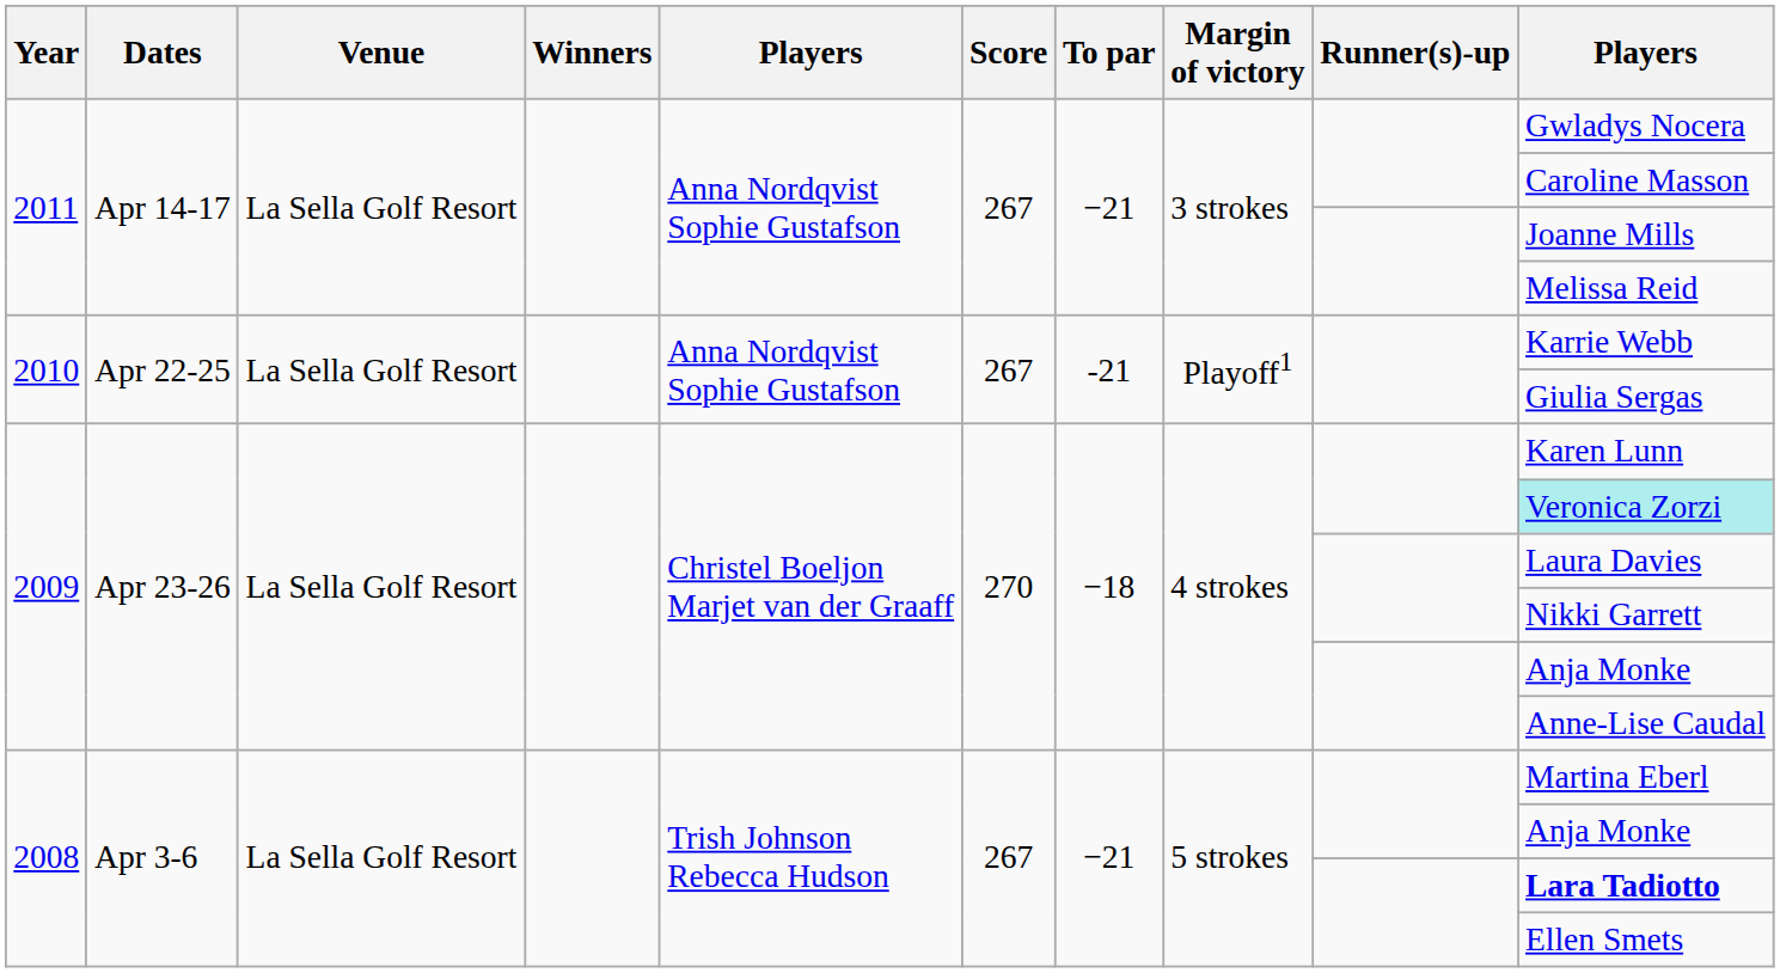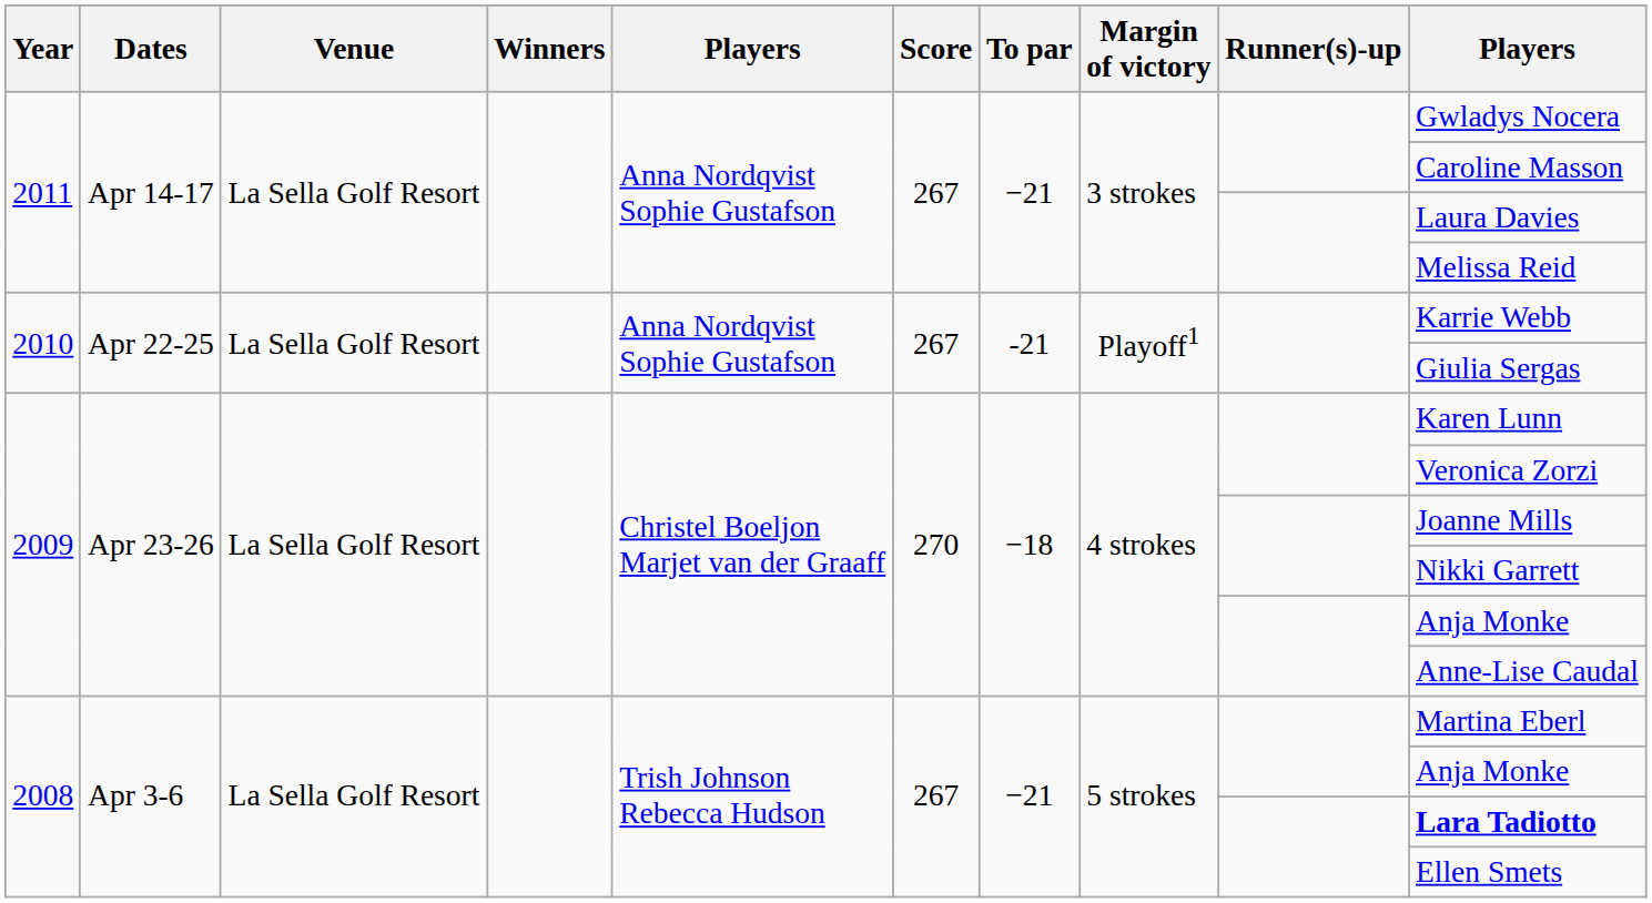 <table class=wikitable style="font-size:95%">
 <tr>
 <th>Year</th>
 <th>Dates</th>
 <th>Venue</th>
 <th>Winners</th>
 <th>Players</th>
 <th>Score</th>
 <th>To par</th>
 <th>Margin<br>of victory</th>
 <th>Runner(s)-up</th>
 <th>Players</th>
 </tr>
 <tr>
 <td rowspan=4><a href='#'>2011</a></td>
 <td rowspan=4>Apr 14-17</td>
 <td rowspan=4>La Sella Golf Resort</td>
 <td rowspan=4></td>
 <td rowspan=4><a href='#'>Anna Nordqvist</a><br><a href='#'>Sophie Gustafson</a></td>
 <td rowspan=4 align=center>267</td>
 <td rowspan=4 align=center>−21</td>
 <td rowspan=4>3 strokes</td>
 <td rowspan=2></td>
 <td><a href='#'>Gwladys Nocera</a></td>
 </tr>
 <tr>
 <td><a href='#'>Caroline Masson</a></td>
 </tr>
 <tr>
 <td rowspan=2></td>
-<td><a href='#'>Joanne Mills</a></td>
+<td rowspan=1><a href='#'>Laura Davies</a></td>
 </tr>
 <tr>
 <td><a href='#'>Melissa Reid</a></td>
 </tr>
 <tr>
 <td rowspan=2><a href='#'>2010</a></td>
 <td rowspan=2>Apr 22-25</td>
 <td rowspan=2>La Sella Golf Resort</td>
 <td rowspan=2></td>
 <td rowspan=2><a href='#'>Anna Nordqvist</a><br><a href='#'>Sophie Gustafson</a></td>
 <td rowspan=2 align=center>267</td>
 <td rowspan=2 align=center>-21</td>
 <td rowspan=2 align=center>Playoff<sup>1</sup></td>
 <td rowspan=2></td>
 <td><a href='#'>Karrie Webb</a></td>
 </tr>
 <tr>
 <td><a href='#'>Giulia Sergas</a></td>
 </tr>
 <tr>
 <td rowspan=6><a href='#'>2009</a></td>
 <td rowspan=6>Apr 23-26</td>
 <td rowspan=6>La Sella Golf Resort</td>
 <td rowspan=6></td>
 <td rowspan=6><a href='#'>Christel Boeljon</a><br><a href='#'>Marjet van der Graaff</a></td>
 <td rowspan=6 align=center>270</td>
 <td rowspan=6 align=center>−18</td>
 <td rowspan=6>4 strokes</td>
 <td rowspan=2></td>
 <td><a href='#'>Karen Lunn</a></td>
 </tr>
 <tr>
-<td style="background: paleturquoise;"><a href='#'>Veronica Zorzi</a></td>
+<td><a href='#'>Veronica Zorzi</a></td>
 </tr>
 <tr>
 <td rowspan=2></td>
-<td rowspan=1><a href='#'>Laura Davies</a></td>
+<td><a href='#'>Joanne Mills</a></td>
 </tr>
 <tr>
 <td><a href='#'>Nikki Garrett</a></td>
 </tr>
 <tr>
 <td rowspan=2></td>
 <td rowspan=1><a href='#'>Anja Monke</a></td>
 </tr>
 <tr>
 <td><a href='#'>Anne-Lise Caudal</a></td>
 </tr>
 <tr>
 <td rowspan=4><a href='#'>2008</a></td>
 <td rowspan=4>Apr 3-6</td>
 <td rowspan=4>La Sella Golf Resort</td>
 <td rowspan=4></td>
 <td rowspan=4><a href='#'>Trish Johnson</a><br><a href='#'>Rebecca Hudson</a></td>
 <td rowspan=4 align=center>267</td>
 <td rowspan=4 align=center>−21</td>
 <td rowspan=4>5 strokes</td>
 <td rowspan=2></td>
 <td><a href='#'>Martina Eberl</a></td>
 </tr>
 <tr>
 <td><a href='#'>Anja Monke</a></td>
 </tr>
 <tr>
 <td rowspan=2></td>
 <td><strong><a href='#'>Lara Tadiotto</a></strong></td>
 </tr>
 <tr>
 <td><a href='#'>Ellen Smets</a></td>
 </tr>
 </table>
